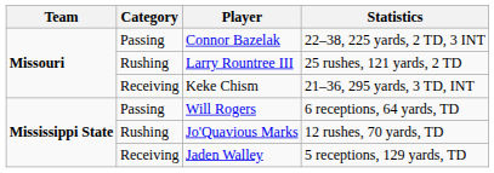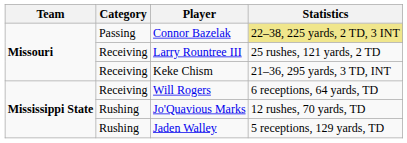 <table class="wikitable" style="float: right;">
 <tr>
 <th>Team</th>
 <th>Category</th>
 <th>Player</th>
 <th>Statistics</th>
 </tr>
 <tr>
 <td rowspan=3><strong>Missouri</strong></td>
 <td>Passing</td>
 <td><a href='#'>Connor Bazelak</a></td>
-<td>22–38, 225 yards, 2 TD, 3 INT</td>
+<td style="background: khaki;">22–38, 225 yards, 2 TD, 3 INT</td>
 </tr>
 <tr>
-<td>Rushing</td>
+<td>Receiving</td>
 <td><a href='#'>Larry Rountree III</a></td>
 <td>25 rushes, 121 yards, 2 TD</td>
 </tr>
 <tr>
 <td>Receiving</td>
 <td>Keke Chism</td>
 <td>21–36, 295 yards, 3 TD, INT</td>
 </tr>
 <tr>
 <td rowspan=3><strong>Mississippi State</strong></td>
-<td>Passing</td>
+<td>Receiving</td>
 <td><a href='#'>Will Rogers</a></td>
 <td>6 receptions, 64 yards, TD</td>
 </tr>
 <tr>
 <td>Rushing</td>
 <td><a href='#'>Jo'Quavious Marks</a></td>
 <td>12 rushes, 70 yards, TD</td>
 </tr>
 <tr>
-<td>Receiving</td>
+<td>Rushing</td>
 <td><a href='#'>Jaden Walley</a></td>
 <td>5 receptions, 129 yards, TD</td>
 </tr>
 </table>
